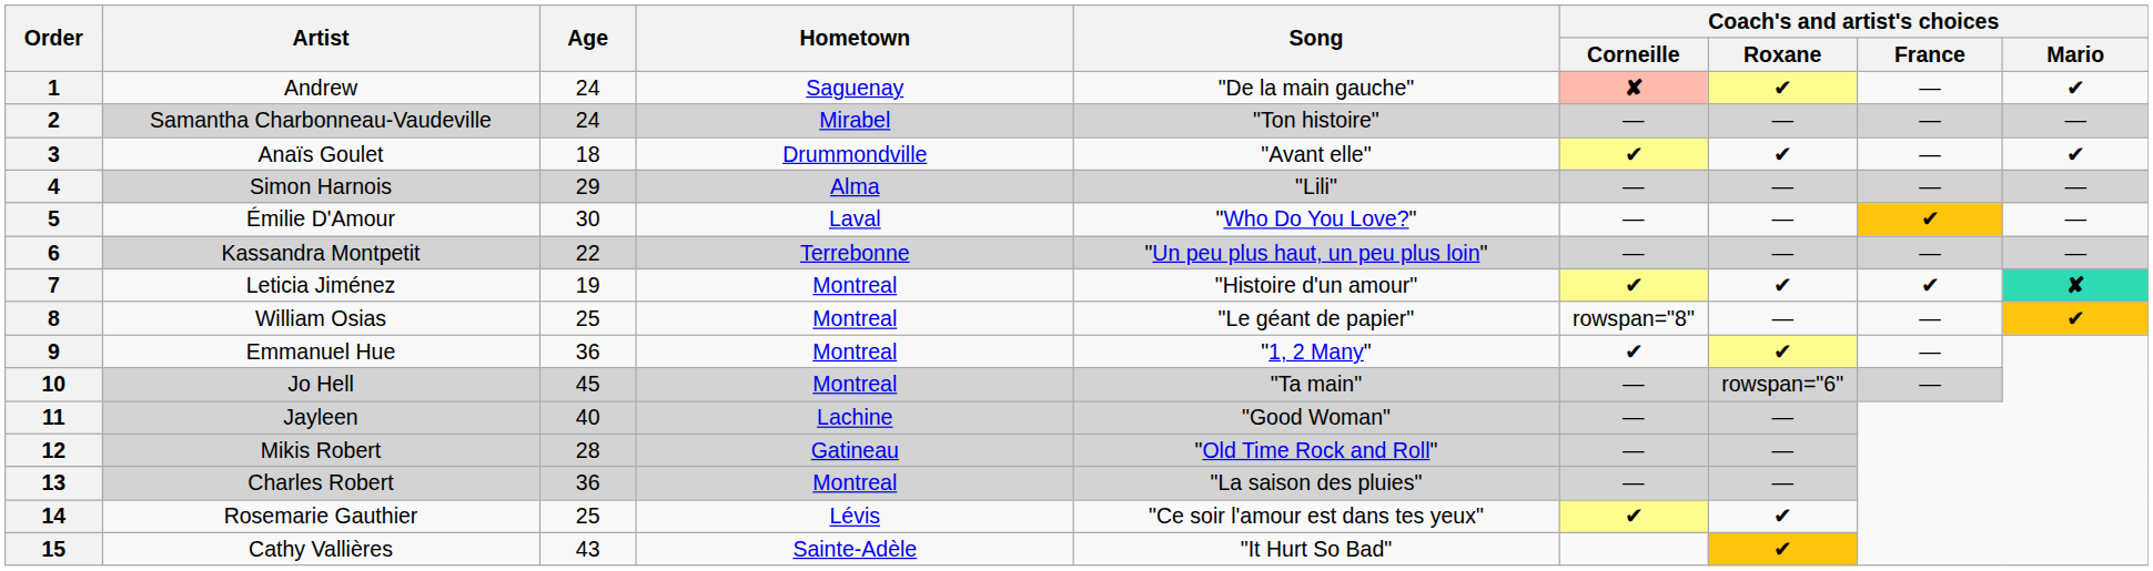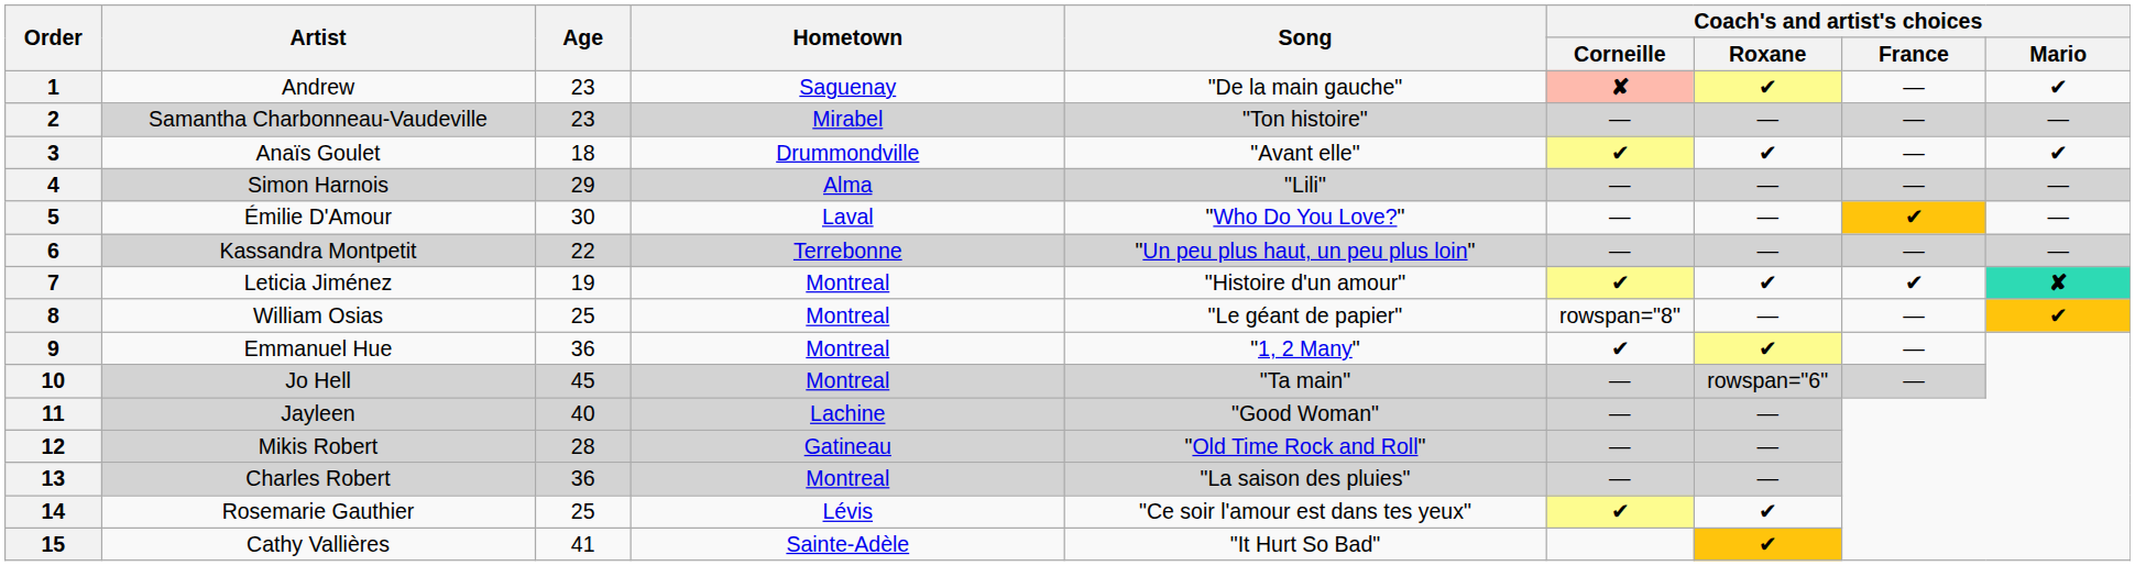 <table class="wikitable" style="text-align:center; line-height:17px; width:100%;">
 <tr>
 <th scope="col" rowspan="2" style="width:04%;">Order</th>
 <th scope="col" rowspan="2" style="width:18%;">Artist</th>
 <th scope="col" rowspan="2" style="width:04%;">Age</th>
 <th scope="col" rowspan="2" style="width:18%;">Hometown</th>
 <th scope="col" rowspan="2" style="width:20%;">Song</th>
 <th scope="col" colspan="4" style="width:24%;">Coach's and artist's choices</th>
 </tr>
 <tr>
 <th style="width:06%;">Corneille</th>
 <th style="width:06%;">Roxane</th>
 <th style="width:06%;">France</th>
 <th style="width:06%;">Mario</th>
 </tr>
 <tr>
 <th>1</th>
 <td>Andrew</td>
-<td>24</td>
+<td>23</td>
 <td><a href='#'>Saguenay</a></td>
 <td>"De la main gauche"</td>
 <td style="background:#febaad"><strong>✘</strong></td>
 <td style="background:#fdfc8f;">✔</td>
 <td>—</td>
 <td>✔</td>
 </tr>
 <tr bgcolor=lightgrey>
 <th>2</th>
 <td>Samantha Charbonneau-Vaudeville</td>
-<td>24</td>
+<td>23</td>
 <td><a href='#'>Mirabel</a></td>
 <td>"Ton histoire"</td>
 <td>—</td>
 <td>—</td>
 <td>—</td>
 <td>—</td>
 </tr>
 <tr>
 <th>3</th>
 <td>Anaïs Goulet</td>
 <td>18</td>
 <td><a href='#'>Drummondville</a></td>
 <td>"Avant elle"</td>
 <td style="background:#fdfc8f;">✔</td>
 <td>✔</td>
 <td>—</td>
 <td>✔</td>
 </tr>
 <tr bgcolor=lightgrey>
 <th>4</th>
 <td>Simon Harnois</td>
 <td>29</td>
 <td><a href='#'>Alma</a></td>
 <td>"Lili"</td>
 <td>—</td>
 <td>—</td>
 <td>—</td>
 <td>—</td>
 </tr>
 <tr>
 <th>5</th>
 <td>Émilie D'Amour</td>
 <td>30</td>
 <td><a href='#'>Laval</a></td>
 <td>"<a href='#'>Who Do You Love?</a>"</td>
 <td>—</td>
 <td>—</td>
 <td style="background:#FFC40C">✔</td>
 <td>—</td>
 </tr>
 <tr bgcolor=lightgrey>
 <th>6</th>
 <td>Kassandra Montpetit</td>
 <td>22</td>
 <td><a href='#'>Terrebonne</a></td>
 <td>"<a href='#'>Un peu plus haut, un peu plus loin</a>"</td>
 <td>—</td>
 <td>—</td>
 <td>—</td>
 <td>—</td>
 </tr>
 <tr>
 <th>7</th>
 <td>Leticia Jiménez</td>
 <td>19</td>
 <td><a href='#'>Montreal</a></td>
 <td>"Histoire d'un amour"</td>
 <td style="background:#fdfc8f;">✔</td>
 <td>✔</td>
 <td>✔</td>
 <td style="background:#2ddab4"><strong>✘</strong></td>
 </tr>
 <tr>
 <th>8</th>
 <td>William Osias</td>
 <td>25</td>
 <td><a href='#'>Montreal</a></td>
 <td>"Le géant de papier"</td>
 <td>rowspan="8" </td>
 <td>—</td>
 <td>—</td>
 <td style="background:#FFC40C">✔</td>
 </tr>
 <tr>
 <th>9</th>
 <td>Emmanuel Hue</td>
 <td>36</td>
 <td><a href='#'>Montreal</a></td>
 <td>"<a href='#'>1, 2 Many</a>"</td>
 <td>✔</td>
 <td style="background:#fdfc8f;">✔</td>
 <td>—</td>
 </tr>
 <tr bgcolor=lightgrey>
 <th>10</th>
 <td>Jo Hell</td>
 <td>45</td>
 <td><a href='#'>Montreal</a></td>
 <td>"Ta main"</td>
 <td>—</td>
 <td>rowspan="6" </td>
 <td>—</td>
 </tr>
 <tr bgcolor=lightgrey>
 <th>11</th>
 <td>Jayleen</td>
 <td>40</td>
 <td><a href='#'>Lachine</a></td>
 <td>"Good Woman"</td>
 <td>—</td>
 <td>—</td>
 </tr>
 <tr bgcolor=lightgrey>
 <th>12</th>
 <td>Mikis Robert</td>
 <td>28</td>
 <td><a href='#'>Gatineau</a></td>
 <td>"<a href='#'>Old Time Rock and Roll</a>"</td>
 <td>—</td>
 <td>—</td>
 </tr>
 <tr bgcolor=lightgrey>
 <th>13</th>
 <td>Charles Robert</td>
 <td>36</td>
 <td><a href='#'>Montreal</a></td>
 <td>"La saison des pluies"</td>
 <td>—</td>
 <td>—</td>
 </tr>
 <tr>
 <th>14</th>
 <td>Rosemarie Gauthier</td>
 <td>25</td>
 <td><a href='#'>Lévis</a></td>
 <td>"Ce soir l'amour est dans tes yeux"</td>
 <td style="background:#fdfc8f;">✔</td>
 <td>✔</td>
 </tr>
 <tr>
 <th>15</th>
 <td>Cathy Vallières</td>
-<td>43</td>
+<td>41</td>
 <td><a href='#'>Sainte-Adèle</a></td>
 <td>"It Hurt So Bad"</td>
 <td></td>
 <td style="background:#FFC40C">✔</td>
 </tr>
 </table>
